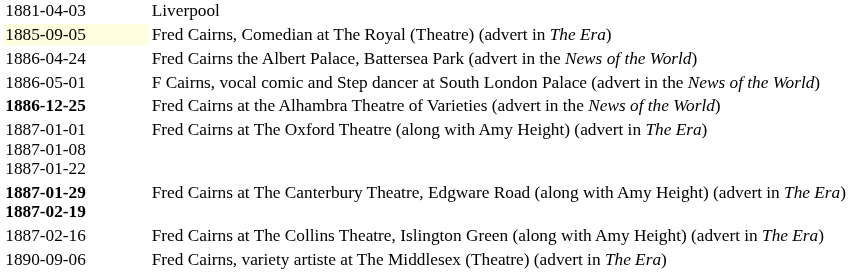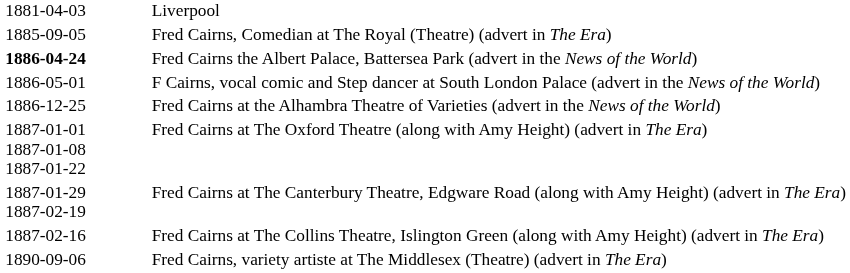 <table width="100%">
 <tr valign="top">
 <td>1881-04-03</td>
 <td>Liverpool</td>
 </tr>
 <tr valign="top">
-<td style="background: lightyellow;">1885-09-05</td>
+<td>1885-09-05</td>
 <td>Fred Cairns, Comedian at The Royal (Theatre) (advert in <em>The Era</em>)</td>
 </tr>
 <tr valign="top">
-<td>1886-04-24</td>
+<td><strong>1886-04-24</strong></td>
 <td>Fred Cairns the Albert Palace, Battersea Park (advert in the <em>News of the World</em>)</td>
 </tr>
 <tr valign="top">
 <td>1886-05-01</td>
 <td>F Cairns, vocal comic and Step dancer at South London Palace (advert in the <em>News of the World</em>)</td>
 </tr>
 <tr valign="top">
-<td><strong>1886-12-25</strong></td>
+<td>1886-12-25</td>
 <td>Fred Cairns at the Alhambra Theatre of Varieties (advert in the <em>News of the World</em>)</td>
 </tr>
 <tr valign="top">
 <td>1887-01-01<br>1887-01-08<br>1887-01-22</td>
 <td>Fred Cairns at The Oxford Theatre (along with Amy Height) (advert in <em>The Era</em>)</td>
 </tr>
 <tr valign="top">
-<td><strong>1887-01-29<br>1887-02-19</strong></td>
+<td>1887-01-29<br>1887-02-19</td>
 <td>Fred Cairns at The Canterbury Theatre, Edgware Road (along with Amy Height) (advert in <em>The Era</em>)</td>
 </tr>
 <tr valign="top">
 <td>1887-02-16</td>
 <td>Fred Cairns at The Collins Theatre, Islington Green (along with Amy Height) (advert in <em>The Era</em>)</td>
 </tr>
 <tr valign="top">
 <td>1890-09-06</td>
 <td>Fred Cairns, variety artiste at The Middlesex (Theatre) (advert in <em>The Era</em>)</td>
 </tr>
 </table>
